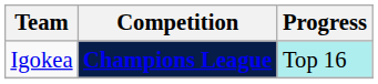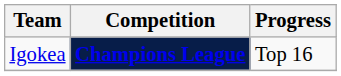 <table class="wikitable sortable">
 <tr>
 <th>Team</th>
 <th>Competition</th>
 <th>Progress</th>
 </tr>
 <tr>
 <td><a href='#'>Igokea</a></td>
 <td style="background-color:#071D49;color:#D0D3D4;text-align:center"><strong><a href='#'><span>Champions League</span></a></strong></td>
-<td style="background: paleturquoise;">Top 16</td>
+<td>Top 16</td>
 </tr>
 <tr>
 </tr>
 </table>
